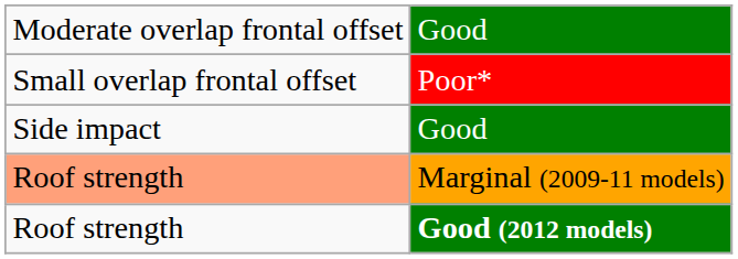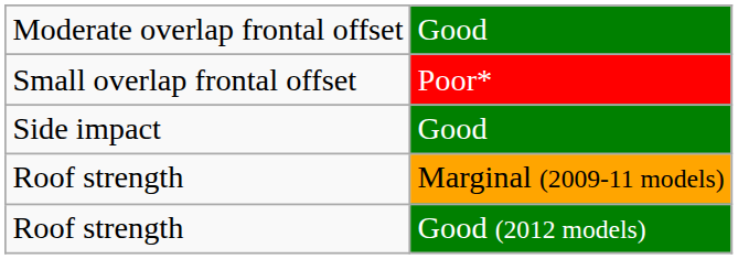 <table class="wikitable">
 <tr>
 <td>Moderate overlap frontal offset</td>
 <td style="color:white;background: green">Good</td>
 </tr>
 <tr>
 <td>Small overlap frontal offset</td>
 <td style="color:white;background: red">Poor*</td>
 </tr>
 <tr>
 <td>Side impact</td>
 <td style="color:white;background: green">Good</td>
 </tr>
 <tr>
-<td style="background: lightsalmon;">Roof strength</td>
+<td>Roof strength</td>
 <td style="background: orange">Marginal <small>(2009-11 models)</small></td>
 </tr>
 <tr>
 <td>Roof strength</td>
-<td style="color:white;background: green"><strong>Good <small>(2012 models)</small></strong></td>
+<td style="color:white;background: green">Good <small>(2012 models)</small></td>
 </tr>
 </table>
